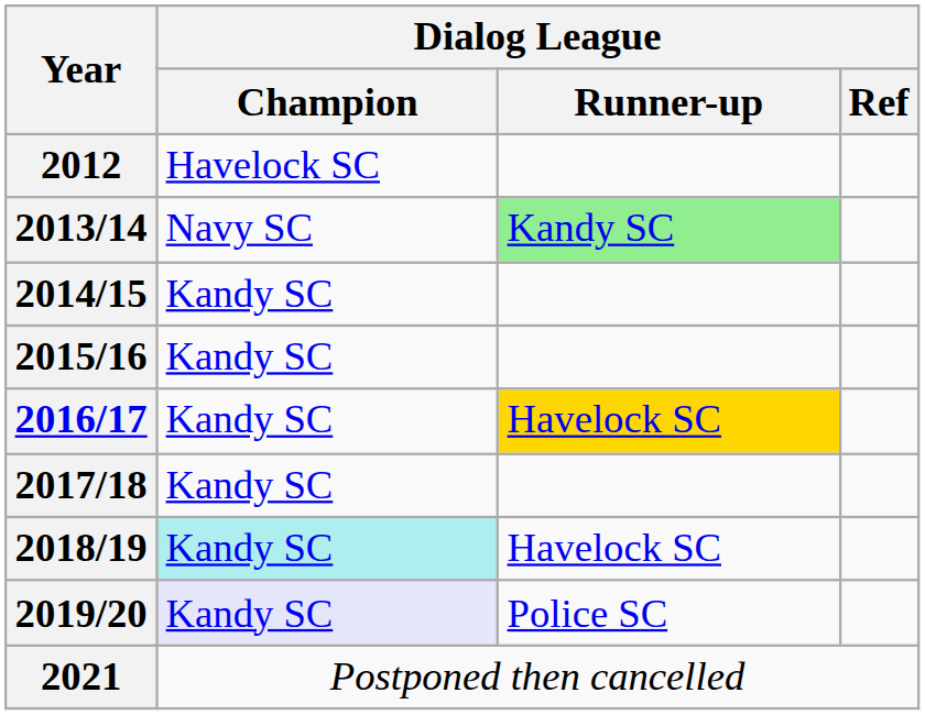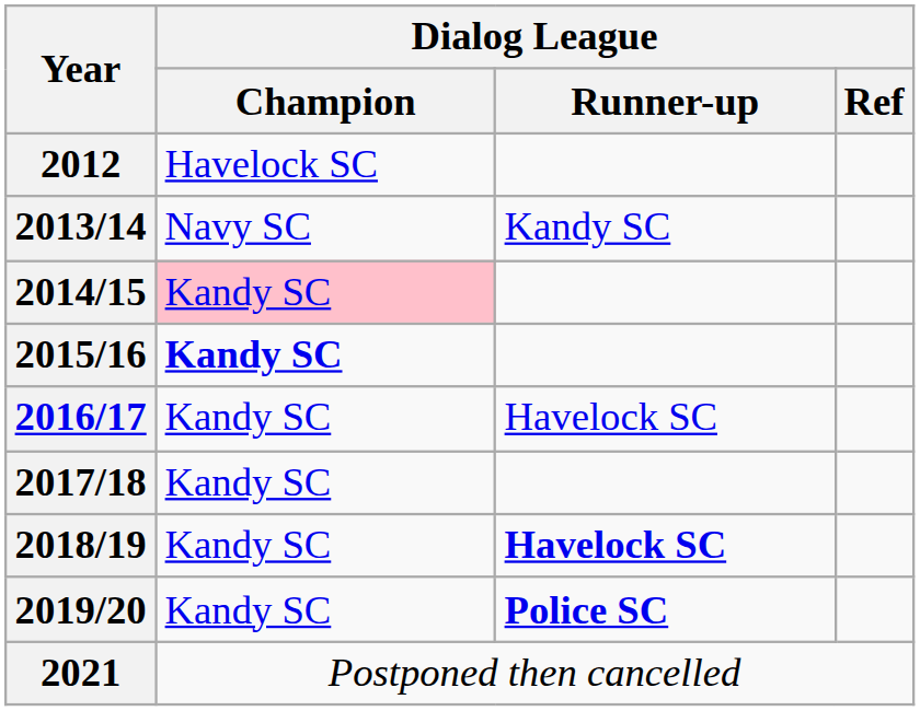 <table class="wikitable sortable">
 <tr>
 <th rowspan=2>Year</th>
 <th colspan=3>Dialog League</th>
 </tr>
 <tr>
 <th style="width:8em;">Champion</th>
 <th style="width:8em;">Runner-up</th>
 <th class="unsortable">Ref</th>
 </tr>
 <tr>
 <th>2012</th>
 <td><a href='#'>Havelock SC</a></td>
 <td></td>
 <td></td>
 </tr>
 <tr>
 <th>2013/14</th>
 <td><a href='#'>Navy SC</a></td>
-<td style="background: lightgreen;"><a href='#'>Kandy SC</a></td>
+<td><a href='#'>Kandy SC</a></td>
 <td></td>
 </tr>
 <tr>
 <th>2014/15</th>
-<td><a href='#'>Kandy SC</a></td>
+<td style="background: pink;"><a href='#'>Kandy SC</a></td>
 <td></td>
 <td></td>
 </tr>
 <tr>
 <th>2015/16</th>
-<td><a href='#'>Kandy SC</a></td>
+<td><strong><a href='#'>Kandy SC</a></strong></td>
 <td></td>
 <td></td>
 </tr>
 <tr>
 <th><a href='#'>2016/17</a></th>
 <td><a href='#'>Kandy SC</a></td>
-<td style="background: gold;"><a href='#'>Havelock SC</a></td>
+<td><a href='#'>Havelock SC</a></td>
 <td></td>
 </tr>
 <tr>
 <th>2017/18</th>
 <td><a href='#'>Kandy SC</a></td>
 <td></td>
 <td></td>
 </tr>
 <tr>
 <th>2018/19</th>
-<td style="background: paleturquoise;"><a href='#'>Kandy SC</a></td>
-<td><a href='#'>Havelock SC</a></td>
+<td><a href='#'>Kandy SC</a></td>
+<td><strong><a href='#'>Havelock SC</a></strong></td>
 <td></td>
 </tr>
 <tr>
 <th>2019/20</th>
-<td style="background: lavender;"><a href='#'>Kandy SC</a></td>
-<td><a href='#'>Police SC</a></td>
+<td><a href='#'>Kandy SC</a></td>
+<td><strong><a href='#'>Police SC</a></strong></td>
 <td></td>
 </tr>
 <tr>
 <th>2021</th>
 <td colspan=3 align=center><em>Postponed then cancelled</em></td>
 </tr>
 </table>
